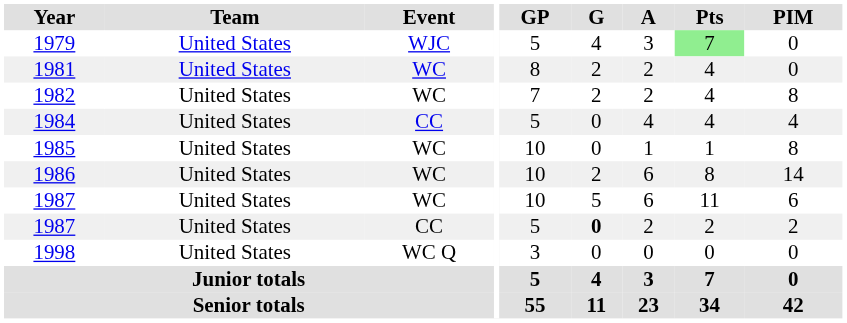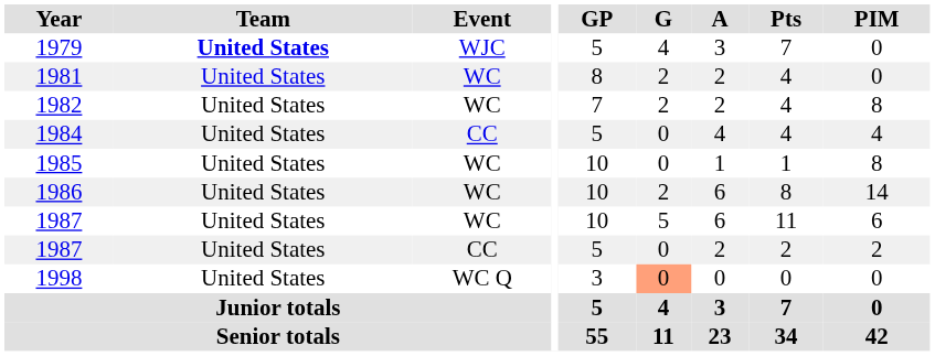 <table border="0" cellpadding="1" cellspacing="0" ID="Table3" style="text-align:center; width:40em">
 <tr bgcolor="#e0e0e0">
 <th>Year</th>
 <th>Team</th>
 <th>Event</th>
 <th rowspan="102" bgcolor="#ffffff"></th>
 <th>GP</th>
 <th>G</th>
 <th>A</th>
 <th>Pts</th>
 <th>PIM</th>
 </tr>
 <tr>
 <td><a href='#'>1979</a></td>
-<td><a href='#'>United States</a></td>
+<td><strong><a href='#'>United States</a></strong></td>
 <td><a href='#'>WJC</a></td>
 <td>5</td>
 <td>4</td>
 <td>3</td>
-<td style="background: lightgreen;">7</td>
+<td>7</td>
 <td>0</td>
 </tr>
 <tr bgcolor="#f0f0f0">
 <td><a href='#'>1981</a></td>
 <td><a href='#'>United States</a></td>
 <td><a href='#'>WC</a></td>
 <td>8</td>
 <td>2</td>
 <td>2</td>
 <td>4</td>
 <td>0</td>
 </tr>
 <tr>
 <td><a href='#'>1982</a></td>
 <td>United States</td>
 <td>WC</td>
 <td>7</td>
 <td>2</td>
 <td>2</td>
 <td>4</td>
 <td>8</td>
 </tr>
 <tr bgcolor="#f0f0f0">
 <td><a href='#'>1984</a></td>
 <td>United States</td>
 <td><a href='#'>CC</a></td>
 <td>5</td>
 <td>0</td>
 <td>4</td>
 <td>4</td>
 <td>4</td>
 </tr>
 <tr>
 <td><a href='#'>1985</a></td>
 <td>United States</td>
 <td>WC</td>
 <td>10</td>
 <td>0</td>
 <td>1</td>
 <td>1</td>
 <td>8</td>
 </tr>
 <tr bgcolor="#f0f0f0">
 <td><a href='#'>1986</a></td>
 <td>United States</td>
 <td>WC</td>
 <td>10</td>
 <td>2</td>
 <td>6</td>
 <td>8</td>
 <td>14</td>
 </tr>
 <tr>
 <td><a href='#'>1987</a></td>
 <td>United States</td>
 <td>WC</td>
 <td>10</td>
 <td>5</td>
 <td>6</td>
 <td>11</td>
 <td>6</td>
 </tr>
 <tr bgcolor="#f0f0f0">
 <td><a href='#'>1987</a></td>
 <td>United States</td>
 <td>CC</td>
 <td>5</td>
-<td><strong>0</strong></td>
+<td>0</td>
 <td>2</td>
 <td>2</td>
 <td>2</td>
 </tr>
 <tr>
 <td><a href='#'>1998</a></td>
 <td>United States</td>
 <td>WC Q</td>
 <td>3</td>
-<td>0</td>
+<td style="background: lightsalmon;">0</td>
 <td>0</td>
 <td>0</td>
 <td>0</td>
 </tr>
 <tr bgcolor="#e0e0e0">
 <th colspan=3>Junior totals</th>
 <th>5</th>
 <th>4</th>
 <th>3</th>
 <th>7</th>
 <th>0</th>
 </tr>
 <tr bgcolor="#e0e0e0">
 <th colspan=3>Senior totals</th>
 <th>55</th>
 <th>11</th>
 <th>23</th>
 <th>34</th>
 <th>42</th>
 </tr>
 </table>
